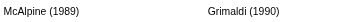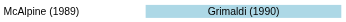 <table style="width: 100%">
 <tr>
 <td></td>
 <td></td>
 </tr>
 <tr>
 <td style="text-align: center">McAlpine (1989)</td>
-<td style="text-align: center">Grimaldi (1990)</td>
+<td style="background: lightblue; text-align: center">Grimaldi (1990)</td>
 </tr>
 </table>
